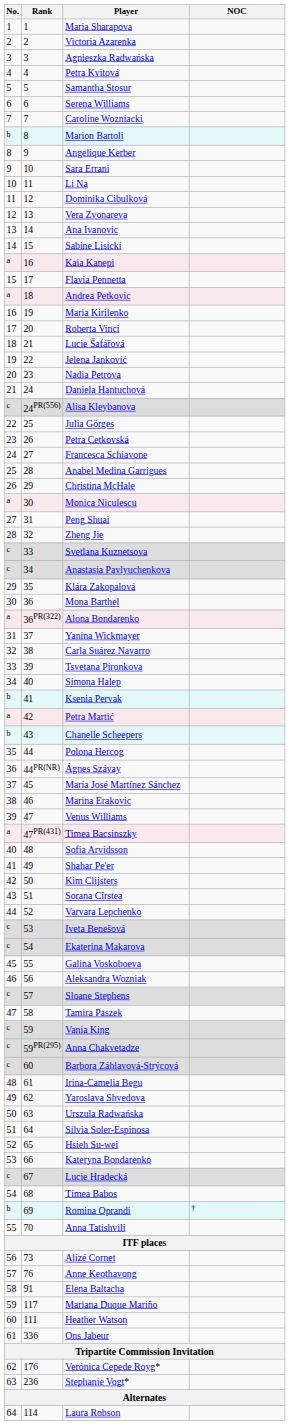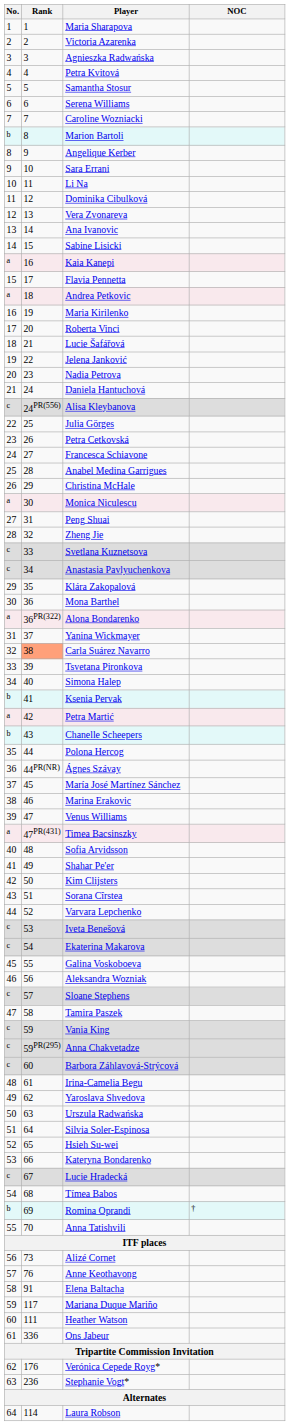 <table class="sortable wikitable">
 <tr style=font-size:89%>
 <th>No.</th>
 <th>Rank</th>
 <th width=200>Player</th>
 <th width=150>NOC</th>
 </tr>
 <tr>
 <td>1</td>
 <td>1</td>
 <td><a href='#'>Maria Sharapova</a></td>
 <td></td>
 </tr>
 <tr>
 <td>2</td>
 <td>2</td>
 <td><a href='#'>Victoria Azarenka</a></td>
 <td></td>
 </tr>
 <tr>
 <td>3</td>
 <td>3</td>
 <td><a href='#'>Agnieszka Radwańska</a></td>
 <td></td>
 </tr>
 <tr>
 <td>4</td>
 <td>4</td>
 <td><a href='#'>Petra Kvitová</a></td>
 <td></td>
 </tr>
 <tr>
 <td>5</td>
 <td>5</td>
 <td><a href='#'>Samantha Stosur</a></td>
 <td></td>
 </tr>
 <tr>
 <td>6</td>
 <td>6</td>
 <td><a href='#'>Serena Williams</a></td>
 <td></td>
 </tr>
 <tr>
 <td>7</td>
 <td>7</td>
 <td><a href='#'>Caroline Wozniacki</a></td>
 <td></td>
 </tr>
 <tr bgcolor=E3F9F9>
 <td><sup>b</sup></td>
 <td>8</td>
 <td><a href='#'>Marion Bartoli</a></td>
 <td></td>
 </tr>
 <tr>
 <td>8</td>
 <td>9</td>
 <td><a href='#'>Angelique Kerber</a></td>
 <td></td>
 </tr>
 <tr>
 <td>9</td>
 <td>10</td>
 <td><a href='#'>Sara Errani</a></td>
 <td></td>
 </tr>
 <tr>
 <td>10</td>
 <td>11</td>
 <td><a href='#'>Li Na</a></td>
 <td></td>
 </tr>
 <tr>
 <td>11</td>
 <td>12</td>
 <td><a href='#'>Dominika Cibulková</a></td>
 <td></td>
 </tr>
 <tr>
 <td>12</td>
 <td>13</td>
 <td><a href='#'>Vera Zvonareva</a></td>
 <td></td>
 </tr>
 <tr>
 <td>13</td>
 <td>14</td>
 <td><a href='#'>Ana Ivanovic</a></td>
 <td></td>
 </tr>
 <tr>
 <td>14</td>
 <td>15</td>
 <td><a href='#'>Sabine Lisicki</a></td>
 <td></td>
 </tr>
 <tr bgcolor=#F9E9ED>
 <td><sup>a</sup></td>
 <td>16</td>
 <td><a href='#'>Kaia Kanepi</a></td>
 <td></td>
 </tr>
 <tr>
 <td>15</td>
 <td>17</td>
 <td><a href='#'>Flavia Pennetta</a></td>
 <td></td>
 </tr>
 <tr bgcolor=#F9E9ED>
 <td><sup>a</sup></td>
 <td>18</td>
 <td><a href='#'>Andrea Petkovic</a></td>
 <td></td>
 </tr>
 <tr>
 <td>16</td>
 <td>19</td>
 <td><a href='#'>Maria Kirilenko</a></td>
 <td></td>
 </tr>
 <tr>
 <td>17</td>
 <td>20</td>
 <td><a href='#'>Roberta Vinci</a></td>
 <td></td>
 </tr>
 <tr>
 <td>18</td>
 <td>21</td>
 <td><a href='#'>Lucie Šafářová</a></td>
 <td></td>
 </tr>
 <tr>
 <td>19</td>
 <td>22</td>
 <td><a href='#'>Jelena Janković</a></td>
 <td></td>
 </tr>
 <tr>
 <td>20</td>
 <td>23</td>
 <td><a href='#'>Nadia Petrova</a></td>
 <td></td>
 </tr>
 <tr>
 <td>21</td>
 <td>24</td>
 <td><a href='#'>Daniela Hantuchová</a></td>
 <td></td>
 </tr>
 <tr bgcolor=#DDDDDD>
 <td><sup>c</sup></td>
 <td>24<sup>PR(556)</sup></td>
 <td><a href='#'>Alisa Kleybanova</a></td>
 <td></td>
 </tr>
 <tr>
 <td>22</td>
 <td>25</td>
 <td><a href='#'>Julia Görges</a></td>
 <td></td>
 </tr>
 <tr>
 <td>23</td>
 <td>26</td>
 <td><a href='#'>Petra Cetkovská</a></td>
 <td></td>
 </tr>
 <tr>
 <td>24</td>
 <td>27</td>
 <td><a href='#'>Francesca Schiavone</a></td>
 <td></td>
 </tr>
 <tr>
 <td>25</td>
 <td>28</td>
 <td><a href='#'>Anabel Medina Garrigues</a></td>
 <td></td>
 </tr>
 <tr>
 <td>26</td>
 <td>29</td>
 <td><a href='#'>Christina McHale</a></td>
 <td></td>
 </tr>
 <tr bgcolor=#F9E9ED>
 <td><sup>a</sup></td>
 <td>30</td>
 <td><a href='#'>Monica Niculescu</a></td>
 <td></td>
 </tr>
 <tr>
 <td>27</td>
 <td>31</td>
 <td><a href='#'>Peng Shuai</a></td>
 <td></td>
 </tr>
 <tr>
 <td>28</td>
 <td>32</td>
 <td><a href='#'>Zheng Jie</a></td>
 <td></td>
 </tr>
 <tr bgcolor=DDDDDD>
 <td><sup>c</sup></td>
 <td>33</td>
 <td><a href='#'>Svetlana Kuznetsova</a></td>
 <td></td>
 </tr>
 <tr bgcolor=DDDDDD>
 <td><sup>c</sup></td>
 <td>34</td>
 <td><a href='#'>Anastasia Pavlyuchenkova</a></td>
 <td></td>
 </tr>
 <tr>
 <td>29</td>
 <td>35</td>
 <td><a href='#'>Klára Zakopalová</a></td>
 <td></td>
 </tr>
 <tr>
 <td>30</td>
 <td>36</td>
 <td><a href='#'>Mona Barthel</a></td>
 <td></td>
 </tr>
 <tr bgcolor=#F9E9ED>
 <td><sup>a</sup></td>
 <td>36<sup>PR(322)</sup></td>
 <td><a href='#'>Alona Bondarenko</a></td>
 <td></td>
 </tr>
 <tr>
 <td>31</td>
 <td>37</td>
 <td><a href='#'>Yanina Wickmayer</a></td>
 <td></td>
 </tr>
 <tr>
 <td>32</td>
-<td>38</td>
+<td style="background: lightsalmon;">38</td>
 <td><a href='#'>Carla Suárez Navarro</a></td>
 <td></td>
 </tr>
 <tr>
 <td>33</td>
 <td>39</td>
 <td><a href='#'>Tsvetana Pironkova</a></td>
 <td></td>
 </tr>
 <tr>
 <td>34</td>
 <td>40</td>
 <td><a href='#'>Simona Halep</a></td>
 <td></td>
 </tr>
 <tr bgcolor=E3F9F9>
 <td><sup>b</sup></td>
 <td>41</td>
 <td><a href='#'>Ksenia Pervak</a></td>
 <td></td>
 </tr>
 <tr bgcolor=#F9E9ED>
 <td><sup>a</sup></td>
 <td>42</td>
 <td><a href='#'>Petra Martić</a></td>
 <td></td>
 </tr>
 <tr bgcolor=E3F9F9>
 <td><sup>b</sup></td>
 <td>43</td>
 <td><a href='#'>Chanelle Scheepers</a></td>
 <td></td>
 </tr>
 <tr>
 <td>35</td>
 <td>44</td>
 <td><a href='#'>Polona Hercog</a></td>
 <td></td>
 </tr>
 <tr>
 <td>36</td>
 <td>44<sup>PR(NR)</sup></td>
 <td><a href='#'>Ágnes Szávay</a></td>
 <td></td>
 </tr>
 <tr>
 <td>37</td>
 <td>45</td>
 <td><a href='#'>María José Martínez Sánchez</a></td>
 <td></td>
 </tr>
 <tr>
 <td>38</td>
 <td>46</td>
 <td><a href='#'>Marina Erakovic</a></td>
 <td></td>
 </tr>
 <tr>
 <td>39</td>
 <td>47</td>
 <td><a href='#'>Venus Williams</a></td>
 <td></td>
 </tr>
 <tr bgcolor=#F9E9ED>
 <td><sup>a</sup></td>
 <td>47<sup>PR(431)</sup></td>
 <td><a href='#'>Timea Bacsinszky</a></td>
 <td></td>
 </tr>
 <tr>
 <td>40</td>
 <td>48</td>
 <td><a href='#'>Sofia Arvidsson</a></td>
 <td></td>
 </tr>
 <tr>
 <td>41</td>
 <td>49</td>
 <td><a href='#'>Shahar Pe'er</a></td>
 <td></td>
 </tr>
 <tr>
 <td>42</td>
 <td>50</td>
 <td><a href='#'>Kim Clijsters</a></td>
 <td></td>
 </tr>
 <tr>
 <td>43</td>
 <td>51</td>
 <td><a href='#'>Sorana Cîrstea</a></td>
 <td></td>
 </tr>
 <tr>
 <td>44</td>
 <td>52</td>
 <td><a href='#'>Varvara Lepchenko</a></td>
 <td></td>
 </tr>
 <tr bgcolor=DDDDDD>
 <td><sup>c</sup></td>
 <td>53</td>
 <td><a href='#'>Iveta Benešová</a></td>
 <td></td>
 </tr>
 <tr bgcolor=DDDDDD>
 <td><sup>c</sup></td>
 <td>54</td>
 <td><a href='#'>Ekaterina Makarova</a></td>
 <td></td>
 </tr>
 <tr>
 <td>45</td>
 <td>55</td>
 <td><a href='#'>Galina Voskoboeva</a></td>
 <td></td>
 </tr>
 <tr>
 <td>46</td>
 <td>56</td>
 <td><a href='#'>Aleksandra Wozniak</a></td>
 <td></td>
 </tr>
 <tr bgcolor=DDDDDD>
 <td><sup>c</sup></td>
 <td>57</td>
 <td><a href='#'>Sloane Stephens</a></td>
 <td></td>
 </tr>
 <tr>
 <td>47</td>
 <td>58</td>
 <td><a href='#'>Tamira Paszek</a></td>
 <td></td>
 </tr>
 <tr bgcolor=DDDDDD>
 <td><sup>c</sup></td>
 <td>59</td>
 <td><a href='#'>Vania King</a></td>
 <td></td>
 </tr>
 <tr bgcolor=#DDDDDD>
 <td><sup>c</sup></td>
 <td>59<sup>PR(295)</sup></td>
 <td><a href='#'>Anna Chakvetadze</a></td>
 <td></td>
 </tr>
 <tr bgcolor=DDDDDD>
 <td><sup>c</sup></td>
 <td>60</td>
 <td><a href='#'>Barbora Záhlavová-Strýcová</a></td>
 <td></td>
 </tr>
 <tr>
 <td>48</td>
 <td>61</td>
 <td><a href='#'>Irina-Camelia Begu</a></td>
 <td></td>
 </tr>
 <tr>
 <td>49</td>
 <td>62</td>
 <td><a href='#'>Yaroslava Shvedova</a></td>
 <td></td>
 </tr>
 <tr>
 <td>50</td>
 <td>63</td>
 <td><a href='#'>Urszula Radwańska</a></td>
 <td></td>
 </tr>
 <tr>
 <td>51</td>
 <td>64</td>
 <td><a href='#'>Silvia Soler-Espinosa</a></td>
 <td></td>
 </tr>
 <tr>
 <td>52</td>
 <td>65</td>
 <td><a href='#'>Hsieh Su-wei</a></td>
 <td></td>
 </tr>
 <tr>
 <td>53</td>
 <td>66</td>
 <td><a href='#'>Kateryna Bondarenko</a></td>
 <td></td>
 </tr>
 <tr bgcolor=DDDDDD>
 <td><sup>c</sup></td>
 <td>67</td>
 <td><a href='#'>Lucie Hradecká</a></td>
 <td></td>
 </tr>
 <tr>
 <td>54</td>
 <td>68</td>
 <td><a href='#'>Tímea Babos</a></td>
 <td></td>
 </tr>
 <tr bgcolor=E3F9F9>
 <td><sup>b</sup></td>
 <td>69</td>
 <td><a href='#'>Romina Oprandi</a></td>
 <td><sup>†</sup></td>
 </tr>
 <tr>
 <td>55</td>
 <td>70</td>
 <td><a href='#'>Anna Tatishvili</a></td>
 <td></td>
 </tr>
 <tr>
 <th colspan=4 align=center>ITF places</th>
 </tr>
 <tr>
 <td>56</td>
 <td>73</td>
 <td><a href='#'>Alizé Cornet</a></td>
 <td></td>
 </tr>
 <tr>
 <td>57</td>
 <td>76</td>
 <td><a href='#'>Anne Keothavong</a></td>
 <td></td>
 </tr>
 <tr>
 <td>58</td>
 <td>91</td>
 <td><a href='#'>Elena Baltacha</a></td>
 <td></td>
 </tr>
 <tr>
 <td>59</td>
 <td>117</td>
 <td><a href='#'>Mariana Duque Mariño</a></td>
 <td></td>
 </tr>
 <tr>
 <td>60</td>
 <td>111</td>
 <td><a href='#'>Heather Watson</a></td>
 <td></td>
 </tr>
 <tr>
 <td>61</td>
 <td>336</td>
 <td><a href='#'>Ons Jabeur</a></td>
 <td></td>
 </tr>
 <tr>
 <th colspan=4 align=center>Tripartite Commission Invitation</th>
 </tr>
 <tr>
 <td>62</td>
 <td>176</td>
 <td><a href='#'>Verónica Cepede Royg</a>*</td>
 <td></td>
 </tr>
 <tr>
 <td>63</td>
 <td>236</td>
 <td><a href='#'>Stephanie Vogt</a>*</td>
 <td></td>
 </tr>
 <tr>
 <th colspan=4 align=center>Alternates</th>
 </tr>
 <tr>
 <td>64</td>
 <td>114</td>
 <td><a href='#'>Laura Robson</a></td>
 <td></td>
 </tr>
 </table>
